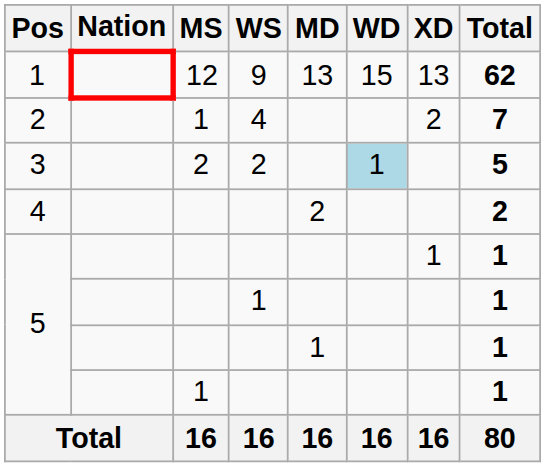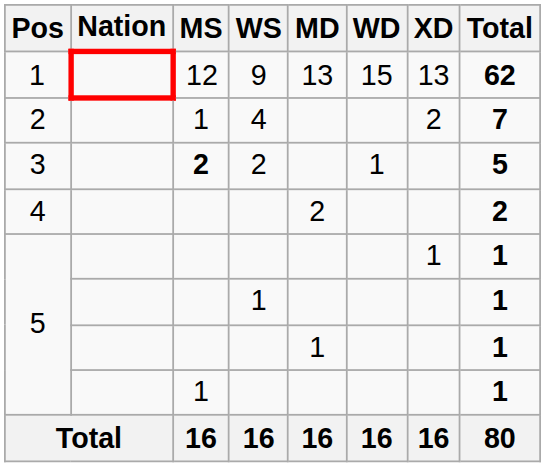 <table class="wikitable" style="text-align:center">
 <tr>
 <th>Pos</th>
 <th>Nation</th>
 <th>MS</th>
 <th>WS</th>
 <th>MD</th>
 <th>WD</th>
 <th>XD</th>
 <th>Total</th>
 </tr>
 <tr>
 <td>1</td>
 <td align=left style="border: 3px solid red"></td>
 <td>12</td>
 <td>9</td>
 <td>13</td>
 <td>15</td>
 <td>13</td>
 <td><strong>62</strong></td>
 </tr>
 <tr>
 <td>2</td>
 <td align=left></td>
 <td>1</td>
 <td>4</td>
 <td></td>
 <td></td>
 <td>2</td>
 <td><strong>7</strong></td>
 </tr>
 <tr>
 <td>3</td>
 <td align=left></td>
-<td>2</td>
+<td><strong>2</strong></td>
 <td>2</td>
 <td></td>
-<td style="background: lightblue;">1</td>
+<td>1</td>
 <td></td>
 <td><strong>5</strong></td>
 </tr>
 <tr>
 <td>4</td>
 <td align=left></td>
 <td></td>
 <td></td>
 <td>2</td>
 <td></td>
 <td></td>
 <td><strong>2</strong></td>
 </tr>
 <tr>
 <td rowspan="4">5</td>
 <td align=left></td>
 <td></td>
 <td></td>
 <td></td>
 <td></td>
 <td>1</td>
 <td><strong>1</strong></td>
 </tr>
 <tr>
 <td align=left></td>
 <td></td>
 <td>1</td>
 <td></td>
 <td></td>
 <td></td>
 <td><strong>1</strong></td>
 </tr>
 <tr>
 <td align=left></td>
 <td></td>
 <td></td>
 <td>1</td>
 <td></td>
 <td></td>
 <td><strong>1</strong></td>
 </tr>
 <tr>
 <td align=left></td>
 <td>1</td>
 <td></td>
 <td></td>
 <td></td>
 <td></td>
 <td><strong>1</strong></td>
 </tr>
 <tr>
 <th colspan="2">Total</th>
 <th>16</th>
 <th>16</th>
 <th>16</th>
 <th>16</th>
 <th>16</th>
 <th>80</th>
 </tr>
 </table>
